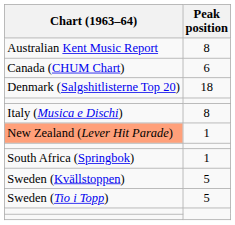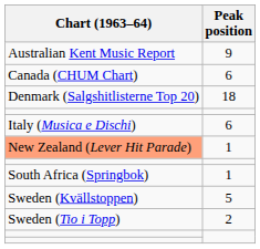 <table class="wikitable sortable">
 <tr>
 <th>Chart (1963–64)</th>
 <th>Peak<br>position</th>
 </tr>
 <tr>
 <td>Australian <a href='#'>Kent Music Report</a></td>
-<td align="center">8</td>
+<td align="center">9</td>
 </tr>
 <tr>
 <td>Canada (<a href='#'>CHUM Chart</a>)</td>
 <td align="center">6</td>
 </tr>
 <tr>
 <td>Denmark (<a href='#'>Salgshitlisterne Top 20</a>)</td>
 <td style="text-align:center;">18</td>
 </tr>
 <tr>
 <td></td>
 </tr>
 <tr>
 <td>Italy (<em><a href='#'>Musica e Dischi</a></em>)</td>
-<td align="center">8</td>
+<td align="center">6</td>
 </tr>
 <tr>
 <td style="background: lightsalmon;">New Zealand (<em>Lever Hit Parade</em>)</td>
 <td align="center">1</td>
 </tr>
 <tr>
 <td></td>
 </tr>
 <tr>
 <td>South Africa (<a href='#'>Springbok</a>)</td>
 <td align="center">1</td>
 </tr>
 <tr>
 <td>Sweden (<a href='#'>Kvällstoppen</a>)</td>
 <td style="text-align:center;">5</td>
 </tr>
 <tr>
 <td>Sweden (<em><a href='#'>Tio i Topp</a></em>)</td>
-<td style="text-align:center;">5</td>
+<td style="text-align:center;">2</td>
 </tr>
 <tr>
 <td></td>
 </tr>
 <tr>
 <td></td>
 </tr>
 </table>
